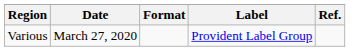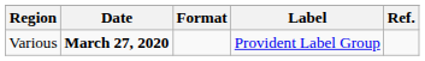 <table class="wikitable plainrowheaders">
 <tr>
 </tr>
 <tr>
 <th scope="col">Region</th>
 <th scope="col">Date</th>
 <th scope="col">Format</th>
 <th scope="col">Label</th>
 <th scope="col">Ref.</th>
 </tr>
 <tr>
 <td>Various</td>
-<td>March 27, 2020</td>
+<td><strong>March 27, 2020</strong></td>
 <td></td>
 <td><a href='#'>Provident Label Group</a></td>
 <td></td>
 </tr>
 </table>
